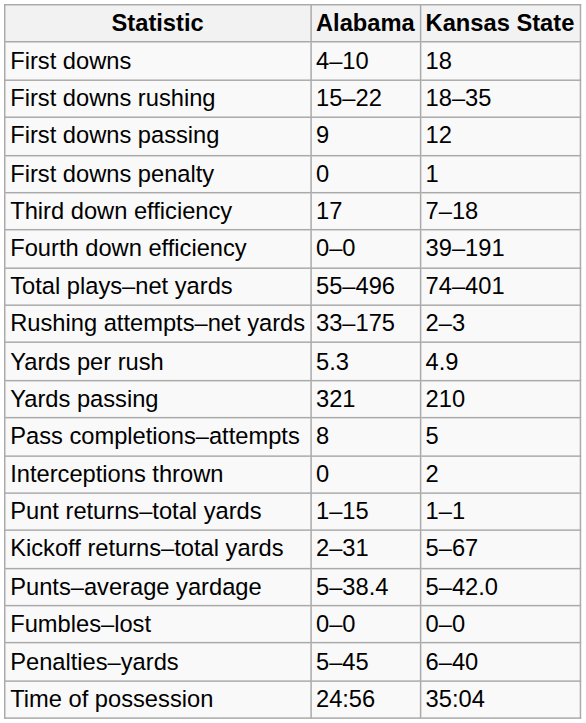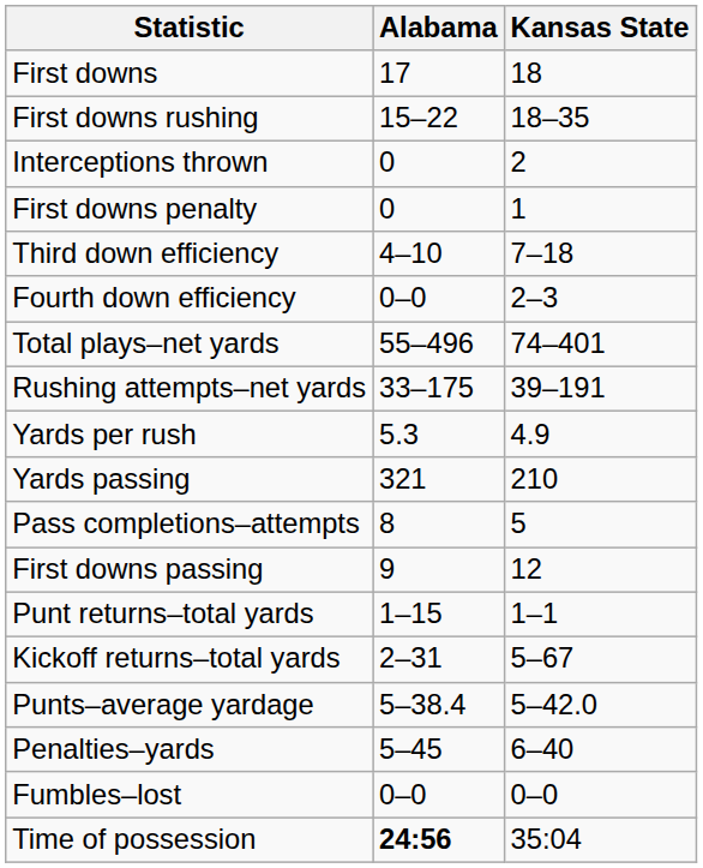 <table class="wikitable">
 <tr>
 <th>Statistic</th>
 <th><strong>Alabama</strong></th>
 <th><strong>Kansas State</strong></th>
 </tr>
 <tr>
 <td>First downs</td>
-<td>4–10</td>
+<td>17</td>
 <td>18</td>
 </tr>
 <tr>
 <td>First downs rushing</td>
 <td>15–22</td>
 <td>18–35</td>
 </tr>
 <tr>
-<td>First downs passing</td>
-<td>9</td>
-<td>12</td>
+<td>Interceptions thrown</td>
+<td>0</td>
+<td>2</td>
 </tr>
 <tr>
 <td>First downs penalty</td>
 <td>0</td>
 <td>1</td>
 </tr>
 <tr>
 <td>Third down efficiency</td>
-<td>17</td>
+<td>4–10</td>
 <td>7–18</td>
 </tr>
 <tr>
 <td>Fourth down efficiency</td>
 <td>0–0</td>
-<td>39–191</td>
+<td>2–3</td>
 </tr>
 <tr>
 <td>Total plays–net yards</td>
 <td>55–496</td>
 <td>74–401</td>
 </tr>
 <tr>
 <td>Rushing attempts–net yards</td>
 <td>33–175</td>
-<td>2–3</td>
+<td>39–191</td>
 </tr>
 <tr>
 <td>Yards per rush</td>
 <td>5.3</td>
 <td>4.9</td>
 </tr>
 <tr>
 <td>Yards passing</td>
 <td>321</td>
 <td>210</td>
 </tr>
 <tr>
 <td>Pass completions–attempts</td>
 <td>8</td>
 <td>5</td>
 </tr>
 <tr>
-<td>Interceptions thrown</td>
-<td>0</td>
-<td>2</td>
+<td>First downs passing</td>
+<td>9</td>
+<td>12</td>
 </tr>
 <tr>
 <td>Punt returns–total yards</td>
 <td>1–15</td>
 <td>1–1</td>
 </tr>
 <tr>
 <td>Kickoff returns–total yards</td>
 <td>2–31</td>
 <td>5–67</td>
 </tr>
 <tr>
 <td>Punts–average yardage</td>
 <td>5–38.4</td>
 <td>5–42.0</td>
 </tr>
 <tr>
+<td>Penalties–yards</td>
+<td>5–45</td>
+<td>6–40</td>
+</tr>
+<tr>
 <td>Fumbles–lost</td>
 <td>0–0</td>
 <td>0–0</td>
 </tr>
 <tr>
-<td>Penalties–yards</td>
-<td>5–45</td>
-<td>6–40</td>
-</tr>
-<tr>
 <td>Time of possession</td>
-<td>24:56</td>
+<td><strong>24:56</strong></td>
 <td>35:04</td>
 </tr>
 </table>
